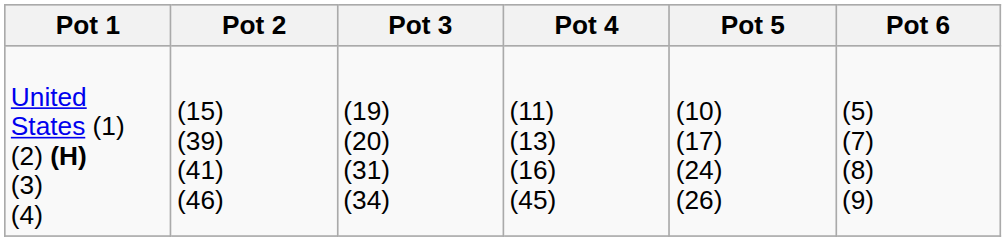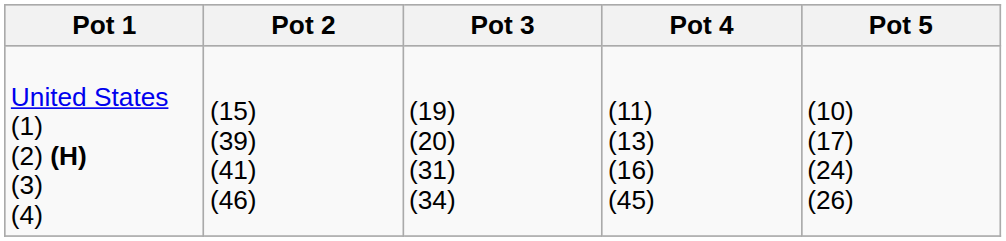 <table class=wikitable>
 <tr>
 <th width=16.7%>Pot 1</th>
 <th width=16.7%>Pot 2</th>
 <th width=16.7%>Pot 3</th>
 <th width=16.7%>Pot 4</th>
 <th width=16.7%>Pot 5</th>
-<th width=16.7%>Pot 6</th>
 </tr>
 <tr>
 <td><br> <a href='#'>United States</a> (1)<br>  (2) <strong>(H)</strong><br>   (3)<br>  (4)</td>
 <td><br> (15)<br>  (39)<br>  (41)<br>  (46)</td>
 <td><br> (19)<br>  (20)<br>  (31)<br>  (34)</td>
 <td><br> (11)<br>  (13)<br>  (16)<br>  (45)</td>
 <td><br> (10)<br>  (17)<br>  (24)<br>  (26)</td>
-<td><br> (5)<br>  (7)<br>  (8)<br>  (9)</td>
 </tr>
 </table>
